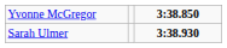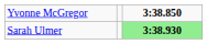 <table class="wikitable" style="text-align:center;">
 <tr>
 <td style="width:10em" align=left><a href='#'>Yvonne McGregor</a></td>
 <td></td>
 <td style="width:7em;"><strong>3:38.850</strong></td>
 </tr>
 <tr>
 <td align=left><a href='#'>Sarah Ulmer</a></td>
 <td></td>
-<td><strong>3:38.930</strong></td>
+<td style="background: lightgreen;"><strong>3:38.930</strong></td>
 </tr>
 </table>
